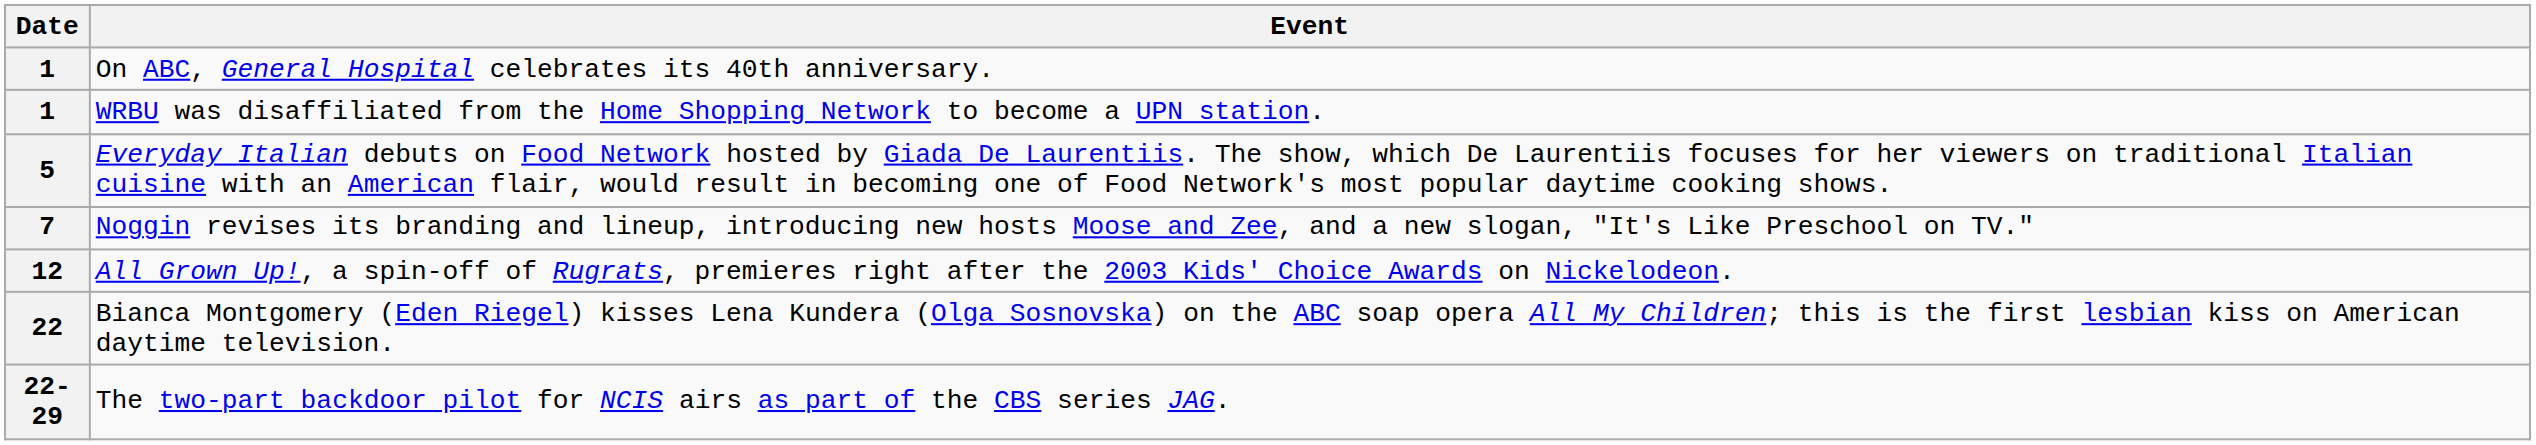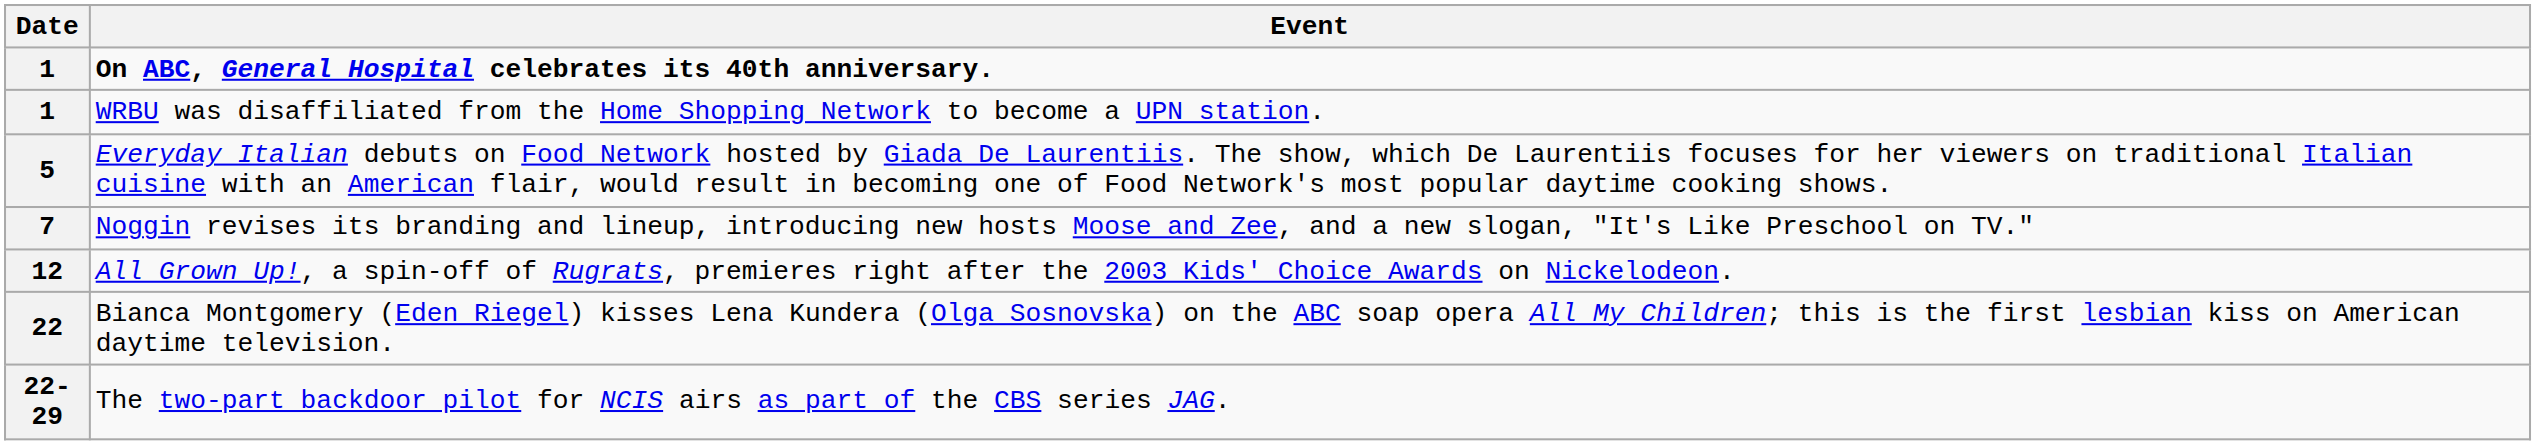 <table class="wikitable">
 <tr>
 <th>Date</th>
 <th>Event</th>
 </tr>
 <tr>
 <th>1</th>
-<td>On <a href='#'>ABC</a>, <em><a href='#'>General Hospital</a></em> celebrates its 40th anniversary.</td>
+<td><strong>On <a href='#'>ABC</a>, <em><a href='#'>General Hospital</a></em> celebrates its 40th anniversary.</strong></td>
 </tr>
 <tr>
 <th>1</th>
 <td><a href='#'>WRBU</a> was disaffiliated from the <a href='#'>Home Shopping Network</a> to become a <a href='#'>UPN station</a>.</td>
 </tr>
 <tr>
 <th>5</th>
 <td><em><a href='#'>Everyday Italian</a></em> debuts on <a href='#'>Food Network</a> hosted by <a href='#'>Giada De Laurentiis</a>. The show, which De Laurentiis focuses for her viewers on traditional <a href='#'>Italian cuisine</a> with an <a href='#'>American</a> flair, would result in becoming one of Food Network's most popular daytime cooking shows.</td>
 </tr>
 <tr>
 <th>7</th>
 <td><a href='#'>Noggin</a> revises its branding and lineup, introducing new hosts <a href='#'>Moose and Zee</a>, and a new slogan, "It's Like Preschool on TV."</td>
 </tr>
 <tr>
 <th>12</th>
 <td><em><a href='#'>All Grown Up!</a></em>, a spin-off of <em><a href='#'>Rugrats</a></em>, premieres right after the <a href='#'>2003 Kids' Choice Awards</a> on <a href='#'>Nickelodeon</a>.</td>
 </tr>
 <tr>
 <th>22</th>
 <td>Bianca Montgomery (<a href='#'>Eden Riegel</a>) kisses Lena Kundera (<a href='#'>Olga Sosnovska</a>) on the <a href='#'>ABC</a> soap opera <em><a href='#'>All My Children</a></em>; this is the first <a href='#'>lesbian</a> kiss on American daytime television.</td>
 </tr>
 <tr>
 <th>22-29</th>
 <td>The <a href='#'>two-part backdoor pilot</a> for <em><a href='#'>NCIS</a></em> airs <a href='#'>as part of</a> the <a href='#'>CBS</a> series <em><a href='#'>JAG</a></em>.</td>
 </tr>
 </table>
